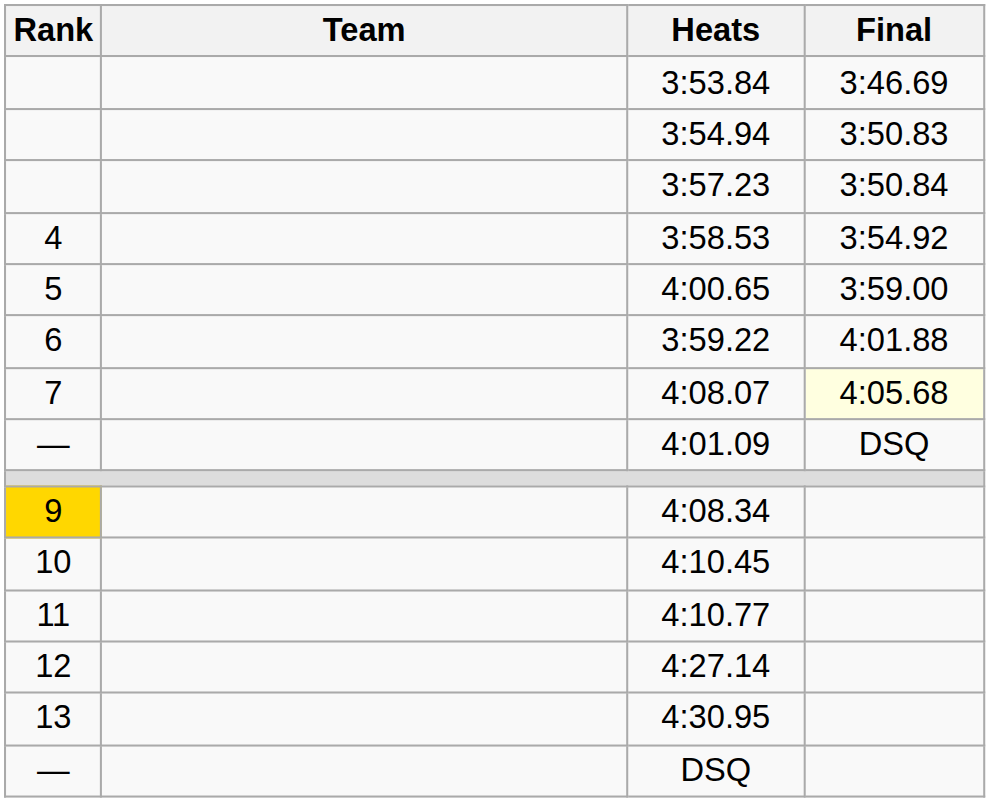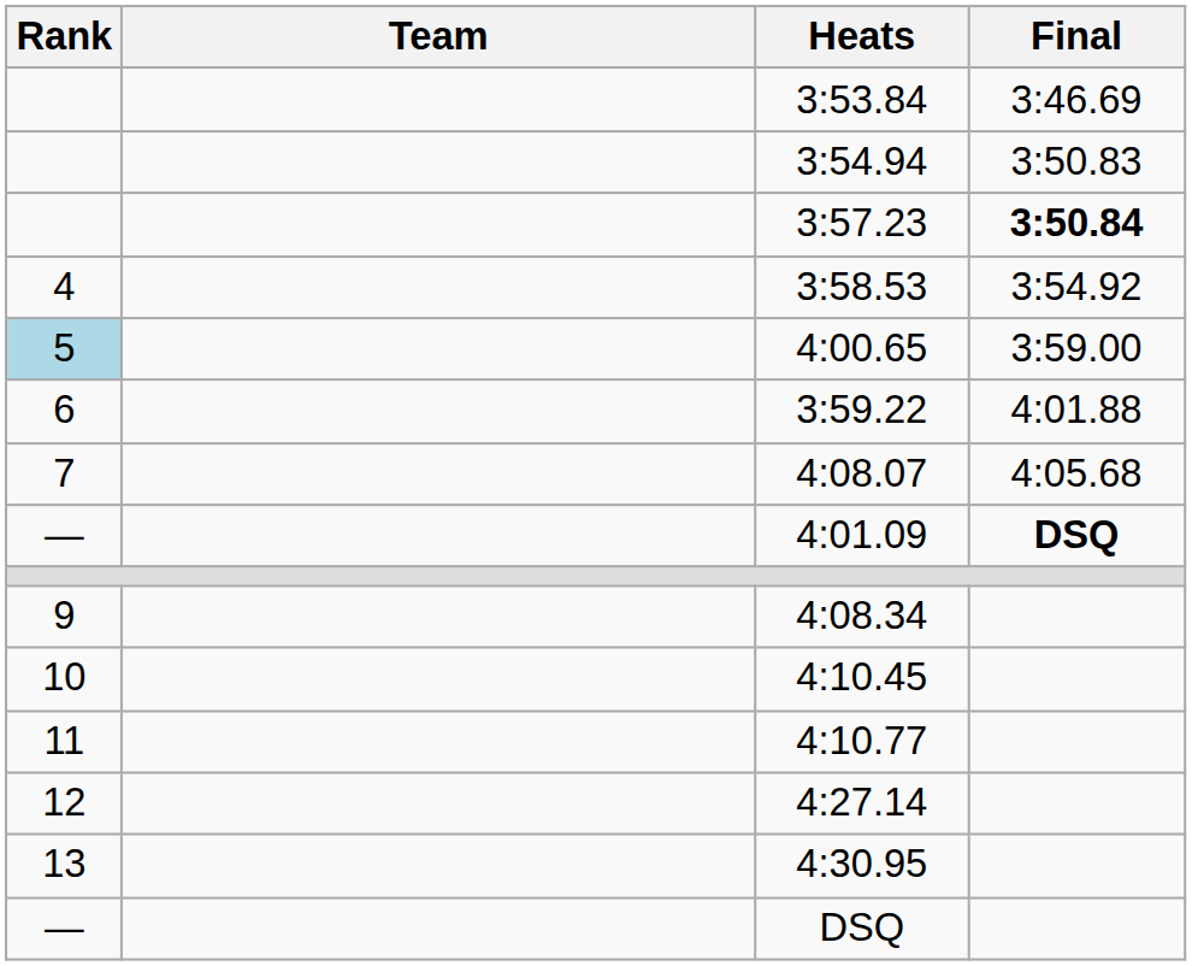 <table class=wikitable style="text-align:center">
 <tr>
 <th width=40>Rank</th>
 <th width=250>Team</th>
 <th width=80>Heats</th>
 <th width=80>Final</th>
 </tr>
 <tr>
 <td></td>
 <td align=left></td>
 <td>3:53.84</td>
 <td>3:46.69</td>
 </tr>
 <tr>
 <td></td>
 <td align=left></td>
 <td>3:54.94</td>
 <td>3:50.83</td>
 </tr>
 <tr>
 <td></td>
 <td align=left></td>
 <td>3:57.23</td>
-<td>3:50.84</td>
+<td><strong>3:50.84</strong></td>
 </tr>
 <tr>
 <td>4</td>
 <td align=left></td>
 <td>3:58.53</td>
 <td>3:54.92</td>
 </tr>
 <tr>
-<td>5</td>
+<td style="background: lightblue;">5</td>
 <td align=left></td>
 <td>4:00.65</td>
 <td>3:59.00</td>
 </tr>
 <tr>
 <td>6</td>
 <td align=left></td>
 <td>3:59.22</td>
 <td>4:01.88</td>
 </tr>
 <tr>
 <td>7</td>
 <td align=left></td>
 <td>4:08.07</td>
-<td style="background: lightyellow;">4:05.68</td>
+<td>4:05.68</td>
 </tr>
 <tr>
 <td>—</td>
 <td align=left></td>
 <td>4:01.09</td>
-<td>DSQ</td>
+<td><strong>DSQ</strong></td>
 </tr>
 <tr bgcolor=#DDDDDD>
 <td colspan=4></td>
 </tr>
 <tr>
-<td style="background: gold;">9</td>
+<td>9</td>
 <td align=left></td>
 <td>4:08.34</td>
 <td></td>
 </tr>
 <tr>
 <td>10</td>
 <td align=left></td>
 <td>4:10.45</td>
 <td></td>
 </tr>
 <tr>
 <td>11</td>
 <td align=left></td>
 <td>4:10.77</td>
 <td></td>
 </tr>
 <tr>
 <td>12</td>
 <td align=left></td>
 <td>4:27.14</td>
 <td></td>
 </tr>
 <tr>
 <td>13</td>
 <td align=left></td>
 <td>4:30.95</td>
 <td></td>
 </tr>
 <tr>
 <td>—</td>
 <td align=left></td>
 <td>DSQ</td>
 <td></td>
 </tr>
 </table>
